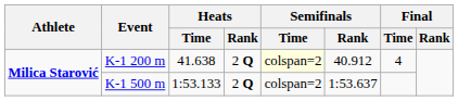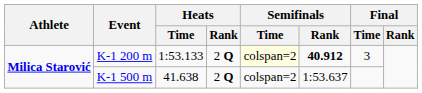 <table class=wikitable style="font-size:90%;">
 <tr>
 <th rowspan=2>Athlete</th>
 <th rowspan=2>Event</th>
 <th colspan=2>Heats</th>
 <th colspan=2>Semifinals</th>
 <th colspan=2>Final</th>
 </tr>
 <tr style="font-size:95%">
 <th>Time</th>
 <th>Rank</th>
 <th>Time</th>
 <th>Rank</th>
 <th>Time</th>
 <th>Rank</th>
 </tr>
 <tr align=center>
 <td align=left rowspan=2><strong><a href='#'>Milica Starović</a></strong></td>
 <td align=left><a href='#'>K-1 200 m</a></td>
-<td>41.638</td>
+<td>1:53.133</td>
 <td>2 <strong>Q</strong></td>
 <td style="background: lightyellow;">colspan=2 </td>
-<td>40.912</td>
-<td>4</td>
+<td><strong>40.912</strong></td>
+<td>3</td>
 </tr>
 <tr align=center>
 <td align=left><a href='#'>K-1 500 m</a></td>
-<td>1:53.133</td>
+<td>41.638</td>
 <td>2 <strong>Q</strong></td>
 <td>colspan=2 </td>
 <td>1:53.637</td>
 <td></td>
 </tr>
 </table>
